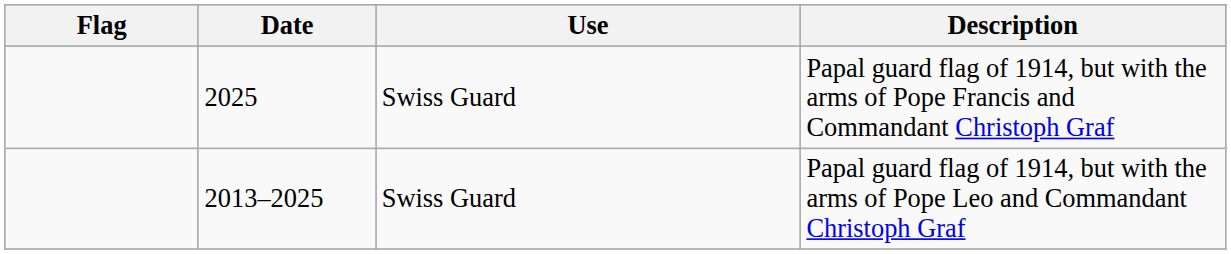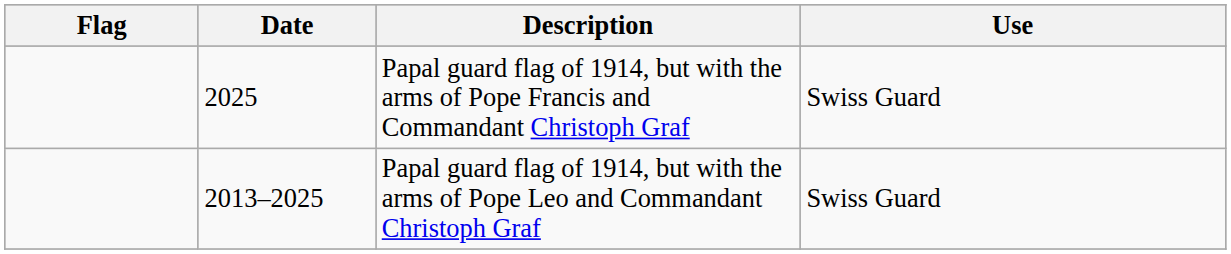 <table class="wikitable">
 <tr>
 <th style="width:110px;">Flag</th>
 <th style="width:100px;">Date</th>
+<th style="width:250px;">Description</th>
 <th style="width:250px;">Use</th>
-<th style="width:250px;">Description</th>
 </tr>
 <tr>
 <td></td>
 <td>2025</td>
+<td>Papal guard flag of 1914, but with the arms of Pope Francis and Commandant <a href='#'>Christoph Graf</a></td>
 <td>Swiss Guard</td>
-<td>Papal guard flag of 1914, but with the arms of Pope Francis and Commandant <a href='#'>Christoph Graf</a></td>
 </tr>
 <tr>
 <td></td>
 <td>2013–2025</td>
+<td>Papal guard flag of 1914, but with the arms of Pope Leo and Commandant <a href='#'>Christoph Graf</a></td>
 <td>Swiss Guard</td>
-<td>Papal guard flag of 1914, but with the arms of Pope Leo and Commandant <a href='#'>Christoph Graf</a></td>
 </tr>
 </table>
